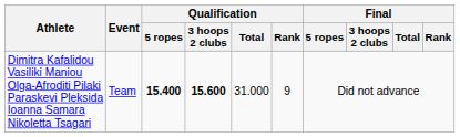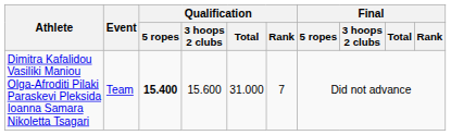 <table class="wikitable" style="font-size:90%">
 <tr>
 <th rowspan="2">Athlete</th>
 <th rowspan="2">Event</th>
 <th colspan="4">Qualification</th>
 <th colspan="4">Final</th>
 </tr>
 <tr style="font-size:95%">
 <th>5 ropes</th>
 <th>3 hoops<br>2 clubs</th>
 <th>Total</th>
 <th>Rank</th>
 <th>5 ropes</th>
 <th>3 hoops<br>2 clubs</th>
 <th>Total</th>
 <th>Rank</th>
 </tr>
 <tr align=center>
 <td align=left><a href='#'>Dimitra Kafalidou</a><br><a href='#'>Vasiliki Maniou</a><br><a href='#'>Olga-Afroditi Pilaki</a><br><a href='#'>Paraskevi Pleksida</a><br><a href='#'>Ioanna Samara</a><br><a href='#'>Nikoletta Tsagari</a></td>
 <td align=left><a href='#'>Team</a></td>
 <td><strong>15.400</strong></td>
-<td><strong>15.600</strong></td>
+<td>15.600</td>
 <td>31.000</td>
-<td>9</td>
+<td>7</td>
 <td colspan=4>Did not advance</td>
 </tr>
 </table>
